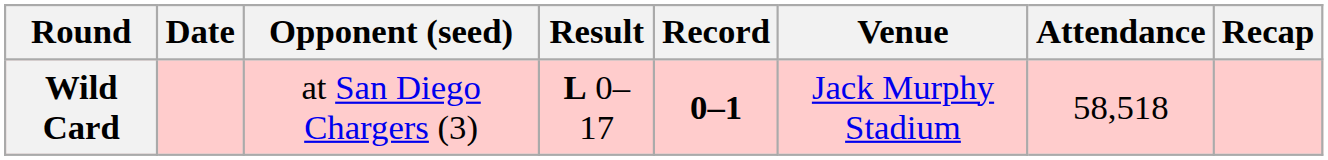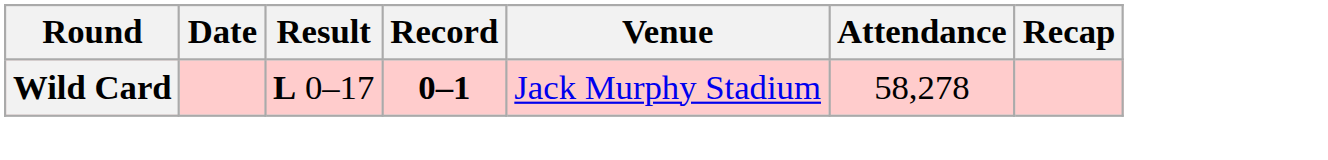 <table class="wikitable" style="text-align:center">
 <tr>
 <th>Round</th>
 <th>Date</th>
-<th>Opponent (seed)</th>
 <th>Result</th>
 <th>Record</th>
 <th>Venue</th>
 <th>Attendance</th>
 <th>Recap</th>
 </tr>
 <tr style="background:#fcc">
 <th>Wild Card</th>
 <td></td>
-<td>at <a href='#'>San Diego Chargers</a> (3)</td>
 <td><strong>L</strong> 0–17</td>
 <td><strong>0–1</strong></td>
 <td><a href='#'>Jack Murphy Stadium</a></td>
-<td>58,518</td>
+<td>58,278</td>
 <td></td>
 </tr>
 </table>
